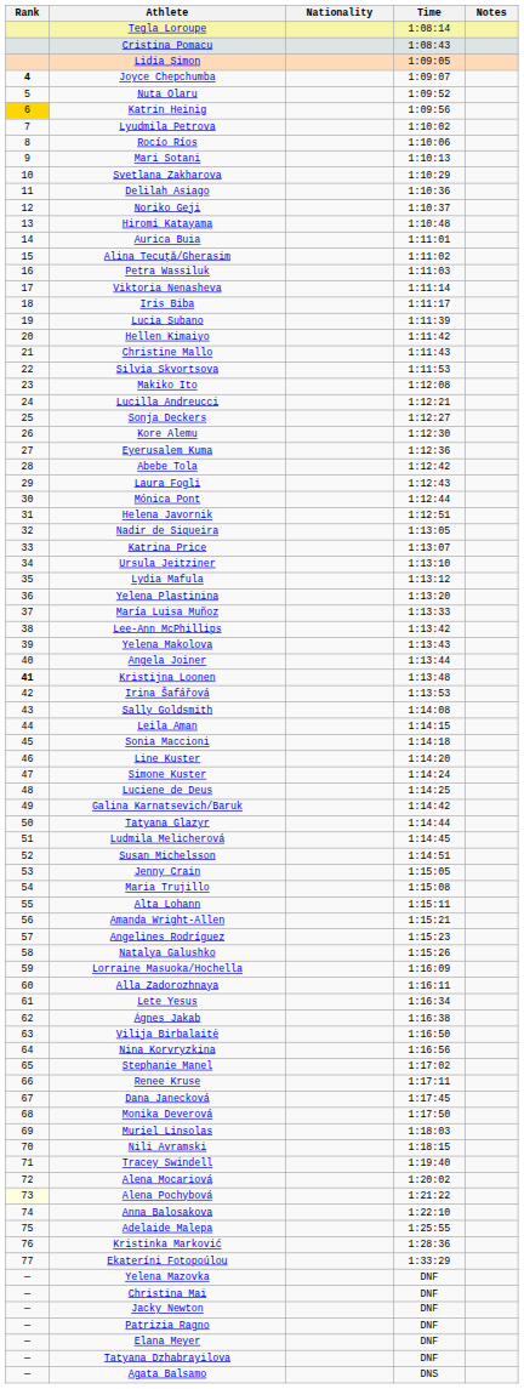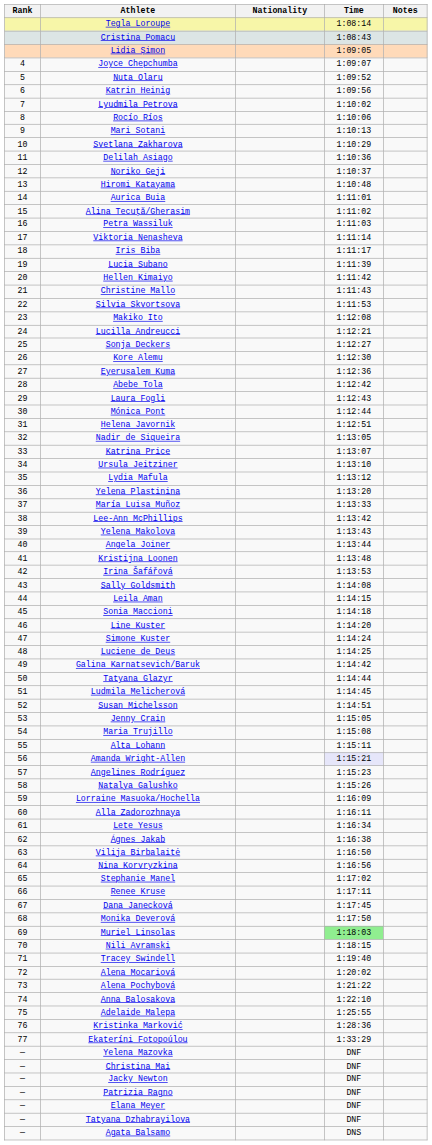 <table class="wikitable sortable" style=" text-align:center; font-size:95%;" width="50%">
 <tr>
 <th>Rank</th>
 <th>Athlete</th>
 <th>Nationality</th>
 <th>Time</th>
 <th>Notes</th>
 </tr>
 <tr bgcolor="#F7F6A8">
 <td align=center></td>
 <td><a href='#'>Tegla Loroupe</a></td>
 <td></td>
 <td>1:08:14</td>
 <td></td>
 </tr>
 <tr bgcolor="#DCE5E5">
 <td align=center></td>
 <td><a href='#'>Cristina Pomacu</a></td>
 <td></td>
 <td>1:08:43</td>
 <td></td>
 </tr>
 <tr bgcolor="#FFDAB9">
 <td align=center></td>
 <td><a href='#'>Lidia Șimon</a></td>
 <td></td>
 <td>1:09:05</td>
 <td></td>
 </tr>
 <tr>
-<td align=center><strong>4</strong></td>
+<td align=center>4</td>
 <td><a href='#'>Joyce Chepchumba</a></td>
 <td></td>
 <td>1:09:07</td>
 <td></td>
 </tr>
 <tr>
 <td align=center>5</td>
 <td><a href='#'>Nuta Olaru</a></td>
 <td></td>
 <td>1:09:52</td>
 <td></td>
 </tr>
 <tr>
-<td align=center style="background: gold;">6</td>
+<td align=center>6</td>
 <td><a href='#'>Katrin Heinig</a></td>
 <td></td>
 <td>1:09:56</td>
 <td></td>
 </tr>
 <tr>
 <td align=center>7</td>
 <td><a href='#'>Lyudmila Petrova</a></td>
 <td></td>
 <td>1:10:02</td>
 <td></td>
 </tr>
 <tr>
 <td align=center>8</td>
 <td><a href='#'>Rocío Ríos</a></td>
 <td></td>
 <td>1:10:06</td>
 <td></td>
 </tr>
 <tr>
 <td align=center>9</td>
 <td><a href='#'>Mari Sotani</a></td>
 <td></td>
 <td>1:10:13</td>
 <td></td>
 </tr>
 <tr>
 <td align=center>10</td>
 <td><a href='#'>Svetlana Zakharova</a></td>
 <td></td>
 <td>1:10:29</td>
 <td></td>
 </tr>
 <tr>
 <td align=center>11</td>
 <td><a href='#'>Delilah Asiago</a></td>
 <td></td>
 <td>1:10:36</td>
 <td></td>
 </tr>
 <tr>
 <td align=center>12</td>
 <td><a href='#'>Noriko Geji</a></td>
 <td></td>
 <td>1:10:37</td>
 <td></td>
 </tr>
 <tr>
 <td align=center>13</td>
 <td><a href='#'>Hiromi Katayama</a></td>
 <td></td>
 <td>1:10:48</td>
 <td></td>
 </tr>
 <tr>
 <td align=center>14</td>
 <td><a href='#'>Aurica Buia</a></td>
 <td></td>
 <td>1:11:01</td>
 <td></td>
 </tr>
 <tr>
 <td align=center>15</td>
 <td><a href='#'>Alina Tecuţă/Gherasim</a></td>
 <td></td>
 <td>1:11:02</td>
 <td></td>
 </tr>
 <tr>
 <td align=center>16</td>
 <td><a href='#'>Petra Wassiluk</a></td>
 <td></td>
 <td>1:11:03</td>
 <td></td>
 </tr>
 <tr>
 <td align=center>17</td>
 <td><a href='#'>Viktoria Nenasheva</a></td>
 <td></td>
 <td>1:11:14</td>
 <td></td>
 </tr>
 <tr>
 <td align=center>18</td>
 <td><a href='#'>Iris Biba</a></td>
 <td></td>
 <td>1:11:17</td>
 <td></td>
 </tr>
 <tr>
 <td align=center>19</td>
 <td><a href='#'>Lucia Subano</a></td>
 <td></td>
 <td>1:11:39</td>
 <td></td>
 </tr>
 <tr>
 <td align=center>20</td>
 <td><a href='#'>Hellen Kimaiyo</a></td>
 <td></td>
 <td>1:11:42</td>
 <td></td>
 </tr>
 <tr>
 <td align=center>21</td>
 <td><a href='#'>Christine Mallo</a></td>
 <td></td>
 <td>1:11:43</td>
 <td></td>
 </tr>
 <tr>
 <td align=center>22</td>
 <td><a href='#'>Silvia Skvortsova</a></td>
 <td></td>
 <td>1:11:53</td>
 <td></td>
 </tr>
 <tr>
 <td align=center>23</td>
 <td><a href='#'>Makiko Ito</a></td>
 <td></td>
 <td>1:12:08</td>
 <td></td>
 </tr>
 <tr>
 <td align=center>24</td>
 <td><a href='#'>Lucilla Andreucci</a></td>
 <td></td>
 <td>1:12:21</td>
 <td></td>
 </tr>
 <tr>
 <td align=center>25</td>
 <td><a href='#'>Sonja Deckers</a></td>
 <td></td>
 <td>1:12:27</td>
 <td></td>
 </tr>
 <tr>
 <td align=center>26</td>
 <td><a href='#'>Kore Alemu</a></td>
 <td></td>
 <td>1:12:30</td>
 <td></td>
 </tr>
 <tr>
 <td align=center>27</td>
 <td><a href='#'>Eyerusalem Kuma</a></td>
 <td></td>
 <td>1:12:36</td>
 <td></td>
 </tr>
 <tr>
 <td align=center>28</td>
 <td><a href='#'>Abebe Tola</a></td>
 <td></td>
 <td>1:12:42</td>
 <td></td>
 </tr>
 <tr>
 <td align=center>29</td>
 <td><a href='#'>Laura Fogli</a></td>
 <td></td>
 <td>1:12:43</td>
 <td></td>
 </tr>
 <tr>
 <td align=center>30</td>
 <td><a href='#'>Mónica Pont</a></td>
 <td></td>
 <td>1:12:44</td>
 <td></td>
 </tr>
 <tr>
 <td align=center>31</td>
 <td><a href='#'>Helena Javornik</a></td>
 <td></td>
 <td>1:12:51</td>
 <td></td>
 </tr>
 <tr>
 <td align=center>32</td>
 <td><a href='#'>Nadir de Siqueira</a></td>
 <td></td>
 <td>1:13:05</td>
 <td></td>
 </tr>
 <tr>
 <td align=center>33</td>
 <td><a href='#'>Katrina Price</a></td>
 <td></td>
 <td>1:13:07</td>
 <td></td>
 </tr>
 <tr>
 <td align=center>34</td>
 <td><a href='#'>Ursula Jeitziner</a></td>
 <td></td>
 <td>1:13:10</td>
 <td></td>
 </tr>
 <tr>
 <td align=center>35</td>
 <td><a href='#'>Lydia Mafula</a></td>
 <td></td>
 <td>1:13:12</td>
 <td></td>
 </tr>
 <tr>
 <td align=center>36</td>
 <td><a href='#'>Yelena Plastinina</a></td>
 <td></td>
 <td>1:13:20</td>
 <td></td>
 </tr>
 <tr>
 <td align=center>37</td>
 <td><a href='#'>María Luisa Muñoz</a></td>
 <td></td>
 <td>1:13:33</td>
 <td></td>
 </tr>
 <tr>
 <td align=center>38</td>
 <td><a href='#'>Lee-Ann McPhillips</a></td>
 <td></td>
 <td>1:13:42</td>
 <td></td>
 </tr>
 <tr>
 <td align=center>39</td>
 <td><a href='#'>Yelena Makolova</a></td>
 <td></td>
 <td>1:13:43</td>
 <td></td>
 </tr>
 <tr>
 <td align=center>40</td>
 <td><a href='#'>Angela Joiner</a></td>
 <td></td>
 <td>1:13:44</td>
 <td></td>
 </tr>
 <tr>
-<td align=center><strong>41</strong></td>
+<td align=center>41</td>
 <td><a href='#'>Kristijna Loonen</a></td>
 <td></td>
 <td>1:13:48</td>
 <td></td>
 </tr>
 <tr>
 <td align=center>42</td>
 <td><a href='#'>Irina Šafářová</a></td>
 <td></td>
 <td>1:13:53</td>
 <td></td>
 </tr>
 <tr>
 <td align=center>43</td>
 <td><a href='#'>Sally Goldsmith</a></td>
 <td></td>
 <td>1:14:08</td>
 <td></td>
 </tr>
 <tr>
 <td align=center>44</td>
 <td><a href='#'>Leila Aman</a></td>
 <td></td>
 <td>1:14:15</td>
 <td></td>
 </tr>
 <tr>
 <td align=center>45</td>
 <td><a href='#'>Sonia Maccioni</a></td>
 <td></td>
 <td>1:14:18</td>
 <td></td>
 </tr>
 <tr>
 <td align=center>46</td>
 <td><a href='#'>Line Kuster</a></td>
 <td></td>
 <td>1:14:20</td>
 <td></td>
 </tr>
 <tr>
 <td align=center>47</td>
 <td><a href='#'>Simone Kuster</a></td>
 <td></td>
 <td>1:14:24</td>
 <td></td>
 </tr>
 <tr>
 <td align=center>48</td>
 <td><a href='#'>Luciene de Deus</a></td>
 <td></td>
 <td>1:14:25</td>
 <td></td>
 </tr>
 <tr>
 <td align=center>49</td>
 <td><a href='#'>Galina Karnatsevich/Baruk</a></td>
 <td></td>
 <td>1:14:42</td>
 <td></td>
 </tr>
 <tr>
 <td align=center>50</td>
 <td><a href='#'>Tatyana Glazyr</a></td>
 <td></td>
 <td>1:14:44</td>
 <td></td>
 </tr>
 <tr>
 <td align=center>51</td>
 <td><a href='#'>Ludmila Melicherová</a></td>
 <td></td>
 <td>1:14:45</td>
 <td></td>
 </tr>
 <tr>
 <td align=center>52</td>
 <td><a href='#'>Susan Michelsson</a></td>
 <td></td>
 <td>1:14:51</td>
 <td></td>
 </tr>
 <tr>
 <td align=center>53</td>
 <td><a href='#'>Jenny Crain</a></td>
 <td></td>
 <td>1:15:05</td>
 <td></td>
 </tr>
 <tr>
 <td align=center>54</td>
 <td><a href='#'>Maria Trujillo</a></td>
 <td></td>
 <td>1:15:08</td>
 <td></td>
 </tr>
 <tr>
 <td align=center>55</td>
 <td><a href='#'>Alta Lohann</a></td>
 <td></td>
 <td>1:15:11</td>
 <td></td>
 </tr>
 <tr>
 <td align=center>56</td>
 <td><a href='#'>Amanda Wright-Allen</a></td>
 <td></td>
-<td>1:15:21</td>
+<td style="background: lavender;">1:15:21</td>
 <td></td>
 </tr>
 <tr>
 <td align=center>57</td>
 <td><a href='#'>Angelines Rodríguez</a></td>
 <td></td>
 <td>1:15:23</td>
 <td></td>
 </tr>
 <tr>
 <td align=center>58</td>
 <td><a href='#'>Natalya Galushko</a></td>
 <td></td>
 <td>1:15:26</td>
 <td></td>
 </tr>
 <tr>
 <td align=center>59</td>
 <td><a href='#'>Lorraine Masuoka/Hochella</a></td>
 <td></td>
 <td>1:16:09</td>
 <td></td>
 </tr>
 <tr>
 <td align=center>60</td>
 <td><a href='#'>Alla Zadorozhnaya</a></td>
 <td></td>
 <td>1:16:11</td>
 <td></td>
 </tr>
 <tr>
 <td align=center>61</td>
 <td><a href='#'>Lete Yesus</a></td>
 <td></td>
 <td>1:16:34</td>
 <td></td>
 </tr>
 <tr>
 <td align=center>62</td>
 <td><a href='#'>Ágnes Jakab</a></td>
 <td></td>
 <td>1:16:38</td>
 <td></td>
 </tr>
 <tr>
 <td align=center>63</td>
 <td><a href='#'>Vilija Birbalaitė</a></td>
 <td></td>
 <td>1:16:50</td>
 <td></td>
 </tr>
 <tr>
 <td align=center>64</td>
 <td><a href='#'>Nina Korvryzkina</a></td>
 <td></td>
 <td>1:16:56</td>
 <td></td>
 </tr>
 <tr>
 <td align=center>65</td>
 <td><a href='#'>Stephanie Manel</a></td>
 <td></td>
 <td>1:17:02</td>
 <td></td>
 </tr>
 <tr>
 <td align=center>66</td>
 <td><a href='#'>Renee Kruse</a></td>
 <td></td>
 <td>1:17:11</td>
 <td></td>
 </tr>
 <tr>
 <td align=center>67</td>
 <td><a href='#'>Dana Janecková</a></td>
 <td></td>
 <td>1:17:45</td>
 <td></td>
 </tr>
 <tr>
 <td align=center>68</td>
 <td><a href='#'>Monika Deverová</a></td>
 <td></td>
 <td>1:17:50</td>
 <td></td>
 </tr>
 <tr>
 <td align=center>69</td>
 <td><a href='#'>Muriel Linsolas</a></td>
 <td></td>
-<td>1:18:03</td>
+<td style="background: lightgreen;">1:18:03</td>
 <td></td>
 </tr>
 <tr>
 <td align=center>70</td>
 <td><a href='#'>Nili Avramski</a></td>
 <td></td>
 <td>1:18:15</td>
 <td></td>
 </tr>
 <tr>
 <td align=center>71</td>
 <td><a href='#'>Tracey Swindell</a></td>
 <td></td>
 <td>1:19:40</td>
 <td></td>
 </tr>
 <tr>
 <td align=center>72</td>
 <td><a href='#'>Alena Mocariová</a></td>
 <td></td>
 <td>1:20:02</td>
 <td></td>
 </tr>
 <tr>
-<td align=center style="background: lightyellow;">73</td>
+<td align=center>73</td>
 <td><a href='#'>Alena Pochybová</a></td>
 <td></td>
 <td>1:21:22</td>
 <td></td>
 </tr>
 <tr>
 <td align=center>74</td>
 <td><a href='#'>Anna Balosakova</a></td>
 <td></td>
 <td>1:22:10</td>
 <td></td>
 </tr>
 <tr>
 <td align=center>75</td>
 <td><a href='#'>Adelaide Malepa</a></td>
 <td></td>
 <td>1:25:55</td>
 <td></td>
 </tr>
 <tr>
 <td align=center>76</td>
 <td><a href='#'>Kristinka Marković</a></td>
 <td></td>
 <td>1:28:36</td>
 <td></td>
 </tr>
 <tr>
 <td align=center>77</td>
 <td><a href='#'>Ekateríni Fotopoúlou</a></td>
 <td></td>
 <td>1:33:29</td>
 <td></td>
 </tr>
 <tr>
 <td align=center>—</td>
 <td><a href='#'>Yelena Mazovka</a></td>
 <td></td>
 <td>DNF</td>
 <td></td>
 </tr>
 <tr>
 <td align=center>—</td>
 <td><a href='#'>Christina Mai</a></td>
 <td></td>
 <td>DNF</td>
 <td></td>
 </tr>
 <tr>
 <td align=center>—</td>
 <td><a href='#'>Jacky Newton</a></td>
 <td></td>
 <td>DNF</td>
 <td></td>
 </tr>
 <tr>
 <td align=center>—</td>
 <td><a href='#'>Patrizia Ragno</a></td>
 <td></td>
 <td>DNF</td>
 <td></td>
 </tr>
 <tr>
 <td align=center>—</td>
 <td><a href='#'>Elana Meyer</a></td>
 <td></td>
 <td>DNF</td>
 <td></td>
 </tr>
 <tr>
 <td align=center>—</td>
 <td><a href='#'>Tatyana Dzhabrayilova</a></td>
 <td></td>
 <td>DNF</td>
 <td></td>
 </tr>
 <tr>
 <td align=center>—</td>
 <td><a href='#'>Agata Balsamo</a></td>
 <td></td>
 <td>DNS</td>
 <td></td>
 </tr>
 </table>
